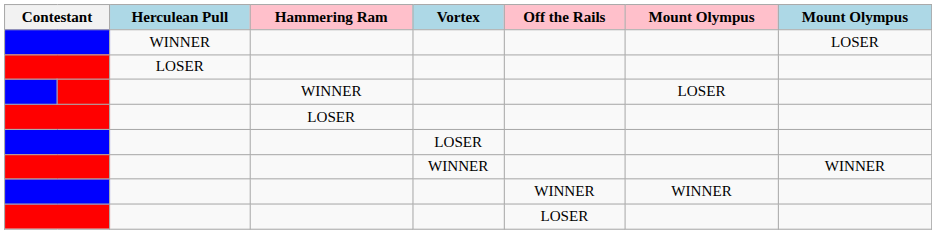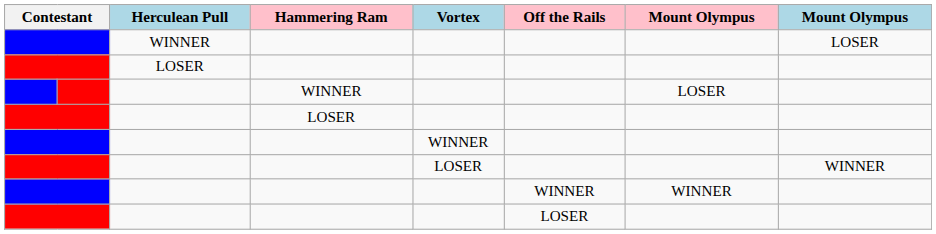 <table class="wikitable" style="text-align:center; font-size:90%; width:100%">
 <tr>
 <th colspan="2">Contestant</th>
 <th style="background:lightblue;">Herculean Pull</th>
 <th style="background:pink;">Hammering Ram</th>
 <th style="background:lightblue;">Vortex</th>
 <th style="background:pink;">Off the Rails</th>
 <th style="background:pink;">Mount Olympus</th>
 <th style="background:lightblue;">Mount Olympus</th>
 </tr>
 <tr>
 <td style="background:blue;" colspan="2"></td>
 <td>WINNER</td>
 <td></td>
 <td></td>
 <td></td>
 <td></td>
 <td>LOSER</td>
 </tr>
 <tr>
 <td style="background:red;" colspan="2"></td>
 <td>LOSER</td>
 <td></td>
 <td></td>
 <td></td>
 <td></td>
 <td></td>
 </tr>
 <tr>
 <td style="background:blue;"></td>
 <td style="background:red;"></td>
 <td></td>
 <td>WINNER</td>
 <td></td>
 <td></td>
 <td>LOSER</td>
 <td></td>
 </tr>
 <tr>
 <td style="background:red;" colspan="2"></td>
 <td></td>
 <td>LOSER</td>
 <td></td>
 <td></td>
 <td></td>
 <td></td>
 </tr>
 <tr>
 <td style="background:blue;" colspan="2"></td>
 <td></td>
 <td></td>
-<td>LOSER</td>
+<td>WINNER</td>
 <td></td>
 <td></td>
 <td></td>
 </tr>
 <tr>
 <td style="background:red;" colspan="2"></td>
 <td></td>
 <td></td>
-<td>WINNER</td>
+<td>LOSER</td>
 <td></td>
 <td></td>
 <td>WINNER</td>
 </tr>
 <tr>
 <td style="background:blue;" colspan="2"></td>
 <td></td>
 <td></td>
 <td></td>
 <td>WINNER</td>
 <td>WINNER</td>
 <td></td>
 </tr>
 <tr>
 <td style="background:red;" colspan="2"></td>
 <td></td>
 <td></td>
 <td></td>
 <td>LOSER</td>
 <td></td>
 <td></td>
 </tr>
 </table>
